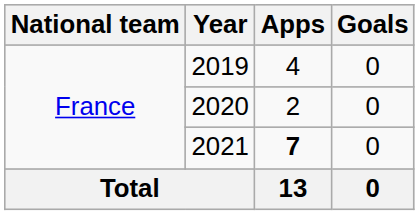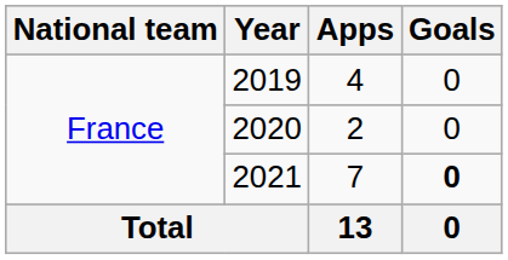 <table class=wikitable style=text-align:center>
 <tr>
 <th>National team</th>
 <th>Year</th>
 <th>Apps</th>
 <th>Goals</th>
 </tr>
 <tr>
 <td rowspan=3><a href='#'>France</a></td>
 <td>2019</td>
 <td>4</td>
 <td>0</td>
 </tr>
 <tr>
 <td>2020</td>
 <td>2</td>
 <td>0</td>
 </tr>
 <tr>
 <td>2021</td>
-<td><strong>7</strong></td>
-<td>0</td>
+<td>7</td>
+<td><strong>0</strong></td>
 </tr>
 <tr>
 <th colspan=2>Total</th>
 <th>13</th>
 <th>0</th>
 </tr>
 </table>
